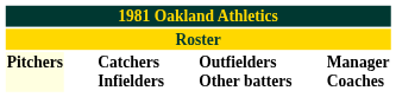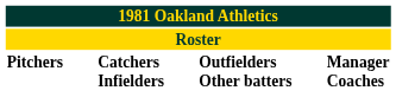 <table class="toccolours" style="font-size: 95%;">
 <tr>
 <th colspan="10" style="background-color: #003831; color: #FFD800; text-align: center;">1981 Oakland Athletics</th>
 </tr>
 <tr>
 <td colspan="7" style="background-color: #FFD800; color: #003831; text-align: center;"><strong>Roster</strong></td>
 </tr>
 <tr>
-<td valign="top" style="background: lightyellow;"><strong>Pitchers</strong><br>             </td>
+<td valign="top"><strong>Pitchers</strong><br>             </td>
 <td width = "25px"></td>
 <td valign="top"><strong>Catchers</strong><br>   <strong>Infielders</strong>             </td>
 <td width = "25px"></td>
 <td valign="top"><strong>Outfielders</strong><br>       <strong>Other batters</strong>   </td>
 <td width = "25px"></td>
 <td valign="top"><strong>Manager</strong><br> <strong>Coaches</strong>     </td>
 </tr>
 </table>
